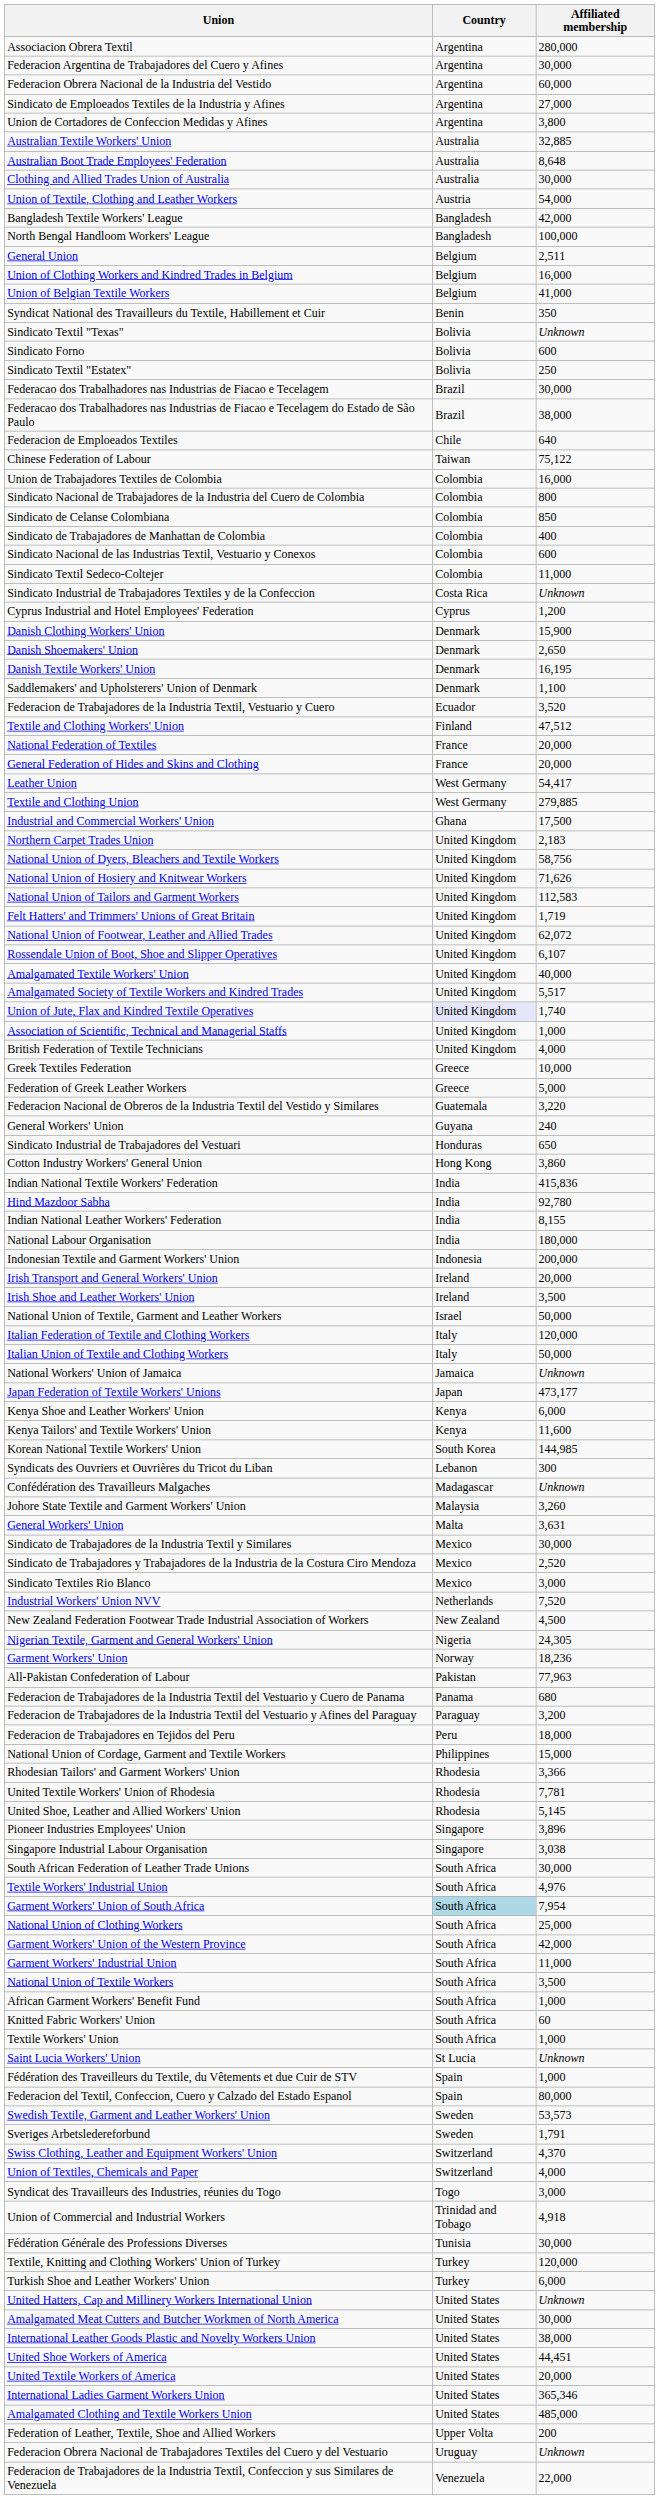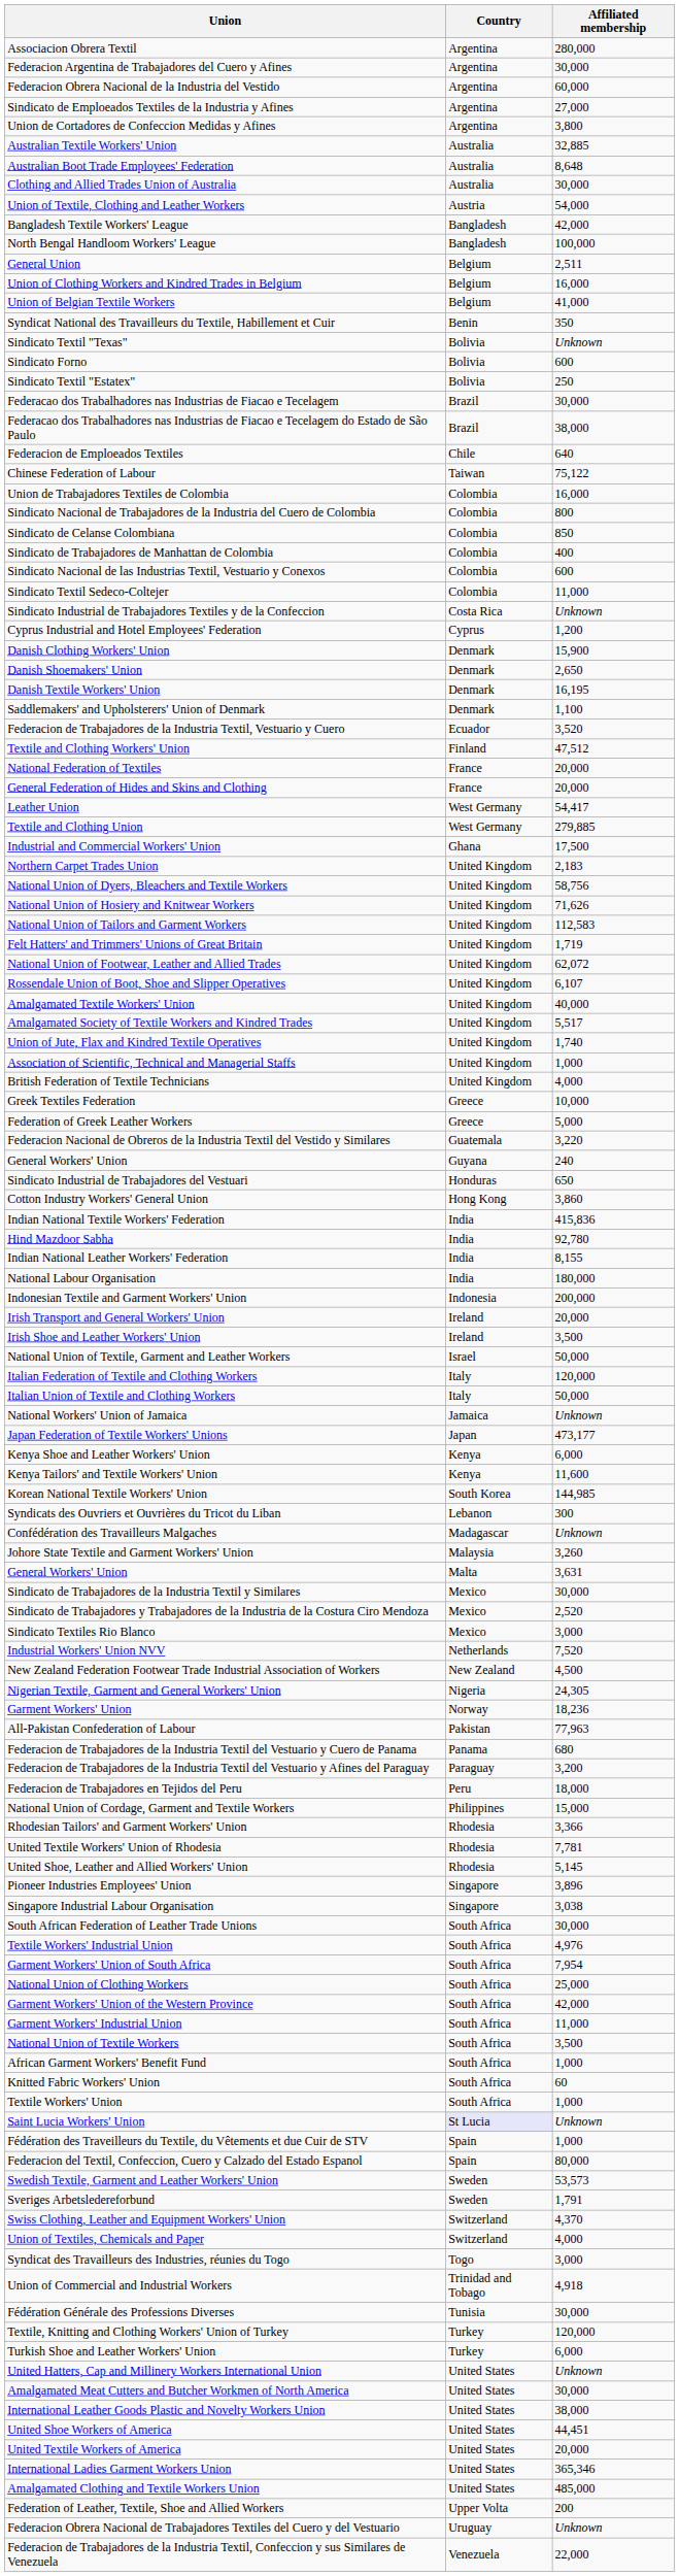 <table class="wikitable sortable">
 <tr>
 <th>Union</th>
 <th>Country</th>
 <th>Affiliated membership</th>
 </tr>
 <tr>
 <td>Associacion Obrera Textil</td>
 <td>Argentina</td>
 <td>280,000</td>
 </tr>
 <tr>
 <td>Federacion Argentina de Trabajadores del Cuero y Afines</td>
 <td>Argentina</td>
 <td>30,000</td>
 </tr>
 <tr>
 <td>Federacion Obrera Nacional de la Industria del Vestido</td>
 <td>Argentina</td>
 <td>60,000</td>
 </tr>
 <tr>
 <td>Sindicato de Emploeados Textiles de la Industria y Afines</td>
 <td>Argentina</td>
 <td>27,000</td>
 </tr>
 <tr>
 <td>Union de Cortadores de Confeccion Medidas y Afines</td>
 <td>Argentina</td>
 <td>3,800</td>
 </tr>
 <tr>
 <td><a href='#'>Australian Textile Workers' Union</a></td>
 <td>Australia</td>
 <td>32,885</td>
 </tr>
 <tr>
 <td><a href='#'>Australian Boot Trade Employees' Federation</a></td>
 <td>Australia</td>
 <td>8,648</td>
 </tr>
 <tr>
 <td><a href='#'>Clothing and Allied Trades Union of Australia</a></td>
 <td>Australia</td>
 <td>30,000</td>
 </tr>
 <tr>
 <td><a href='#'>Union of Textile, Clothing and Leather Workers</a></td>
 <td>Austria</td>
 <td>54,000</td>
 </tr>
 <tr>
 <td>Bangladesh Textile Workers' League</td>
 <td>Bangladesh</td>
 <td>42,000</td>
 </tr>
 <tr>
 <td>North Bengal Handloom Workers' League</td>
 <td>Bangladesh</td>
 <td>100,000</td>
 </tr>
 <tr>
 <td><a href='#'>General Union</a></td>
 <td>Belgium</td>
 <td>2,511</td>
 </tr>
 <tr>
 <td><a href='#'>Union of Clothing Workers and Kindred Trades in Belgium</a></td>
 <td>Belgium</td>
 <td>16,000</td>
 </tr>
 <tr>
 <td><a href='#'>Union of Belgian Textile Workers</a></td>
 <td>Belgium</td>
 <td>41,000</td>
 </tr>
 <tr>
 <td>Syndicat National des Travailleurs du Textile, Habillement et Cuir</td>
 <td>Benin</td>
 <td>350</td>
 </tr>
 <tr>
 <td>Sindicato Textil "Texas"</td>
 <td>Bolivia</td>
 <td><em>Unknown</em></td>
 </tr>
 <tr>
 <td>Sindicato Forno</td>
 <td>Bolivia</td>
 <td>600</td>
 </tr>
 <tr>
 <td>Sindicato Textil "Estatex"</td>
 <td>Bolivia</td>
 <td>250</td>
 </tr>
 <tr>
 <td>Federacao dos Trabalhadores nas Industrias de Fiacao e Tecelagem</td>
 <td>Brazil</td>
 <td>30,000</td>
 </tr>
 <tr>
 <td>Federacao dos Trabalhadores nas Industrias de Fiacao e Tecelagem do Estado de São Paulo</td>
 <td>Brazil</td>
 <td>38,000</td>
 </tr>
 <tr>
 <td>Federacion de Emploeados Textiles</td>
 <td>Chile</td>
 <td>640</td>
 </tr>
 <tr>
 <td>Chinese Federation of Labour</td>
 <td>Taiwan</td>
 <td>75,122</td>
 </tr>
 <tr>
 <td>Union de Trabajadores Textiles de Colombia</td>
 <td>Colombia</td>
 <td>16,000</td>
 </tr>
 <tr>
 <td>Sindicato Nacional de Trabajadores de la Industria del Cuero de Colombia</td>
 <td>Colombia</td>
 <td>800</td>
 </tr>
 <tr>
 <td>Sindicato de Celanse Colombiana</td>
 <td>Colombia</td>
 <td>850</td>
 </tr>
 <tr>
 <td>Sindicato de Trabajadores de Manhattan de Colombia</td>
 <td>Colombia</td>
 <td>400</td>
 </tr>
 <tr>
 <td>Sindicato Nacional de las Industrias Textil, Vestuario y Conexos</td>
 <td>Colombia</td>
 <td>600</td>
 </tr>
 <tr>
 <td>Sindicato Textil Sedeco-Coltejer</td>
 <td>Colombia</td>
 <td>11,000</td>
 </tr>
 <tr>
 <td>Sindicato Industrial de Trabajadores Textiles y de la Confeccion</td>
 <td>Costa Rica</td>
 <td><em>Unknown</em></td>
 </tr>
 <tr>
 <td>Cyprus Industrial and Hotel Employees' Federation</td>
 <td>Cyprus</td>
 <td>1,200</td>
 </tr>
 <tr>
 <td><a href='#'>Danish Clothing Workers' Union</a></td>
 <td>Denmark</td>
 <td>15,900</td>
 </tr>
 <tr>
 <td><a href='#'>Danish Shoemakers' Union</a></td>
 <td>Denmark</td>
 <td>2,650</td>
 </tr>
 <tr>
 <td><a href='#'>Danish Textile Workers' Union</a></td>
 <td>Denmark</td>
 <td>16,195</td>
 </tr>
 <tr>
 <td>Saddlemakers' and Upholsterers' Union of Denmark</td>
 <td>Denmark</td>
 <td>1,100</td>
 </tr>
 <tr>
 <td>Federacion de Trabajadores de la Industria Textil, Vestuario y Cuero</td>
 <td>Ecuador</td>
 <td>3,520</td>
 </tr>
 <tr>
 <td><a href='#'>Textile and Clothing Workers' Union</a></td>
 <td>Finland</td>
 <td>47,512</td>
 </tr>
 <tr>
 <td><a href='#'>National Federation of Textiles</a></td>
 <td>France</td>
 <td>20,000</td>
 </tr>
 <tr>
 <td><a href='#'>General Federation of Hides and Skins and Clothing</a></td>
 <td>France</td>
 <td>20,000</td>
 </tr>
 <tr>
 <td><a href='#'>Leather Union</a></td>
 <td>West Germany</td>
 <td>54,417</td>
 </tr>
 <tr>
 <td><a href='#'>Textile and Clothing Union</a></td>
 <td>West Germany</td>
 <td>279,885</td>
 </tr>
 <tr>
 <td><a href='#'>Industrial and Commercial Workers' Union</a></td>
 <td>Ghana</td>
 <td>17,500</td>
 </tr>
 <tr>
 <td><a href='#'>Northern Carpet Trades Union</a></td>
 <td>United Kingdom</td>
 <td>2,183</td>
 </tr>
 <tr>
 <td><a href='#'>National Union of Dyers, Bleachers and Textile Workers</a></td>
 <td>United Kingdom</td>
 <td>58,756</td>
 </tr>
 <tr>
 <td><a href='#'>National Union of Hosiery and Knitwear Workers</a></td>
 <td>United Kingdom</td>
 <td>71,626</td>
 </tr>
 <tr>
 <td><a href='#'>National Union of Tailors and Garment Workers</a></td>
 <td>United Kingdom</td>
 <td>112,583</td>
 </tr>
 <tr>
 <td><a href='#'>Felt Hatters' and Trimmers' Unions of Great Britain</a></td>
 <td>United Kingdom</td>
 <td>1,719</td>
 </tr>
 <tr>
 <td><a href='#'>National Union of Footwear, Leather and Allied Trades</a></td>
 <td>United Kingdom</td>
 <td>62,072</td>
 </tr>
 <tr>
 <td><a href='#'>Rossendale Union of Boot, Shoe and Slipper Operatives</a></td>
 <td>United Kingdom</td>
 <td>6,107</td>
 </tr>
 <tr>
 <td><a href='#'>Amalgamated Textile Workers' Union</a></td>
 <td>United Kingdom</td>
 <td>40,000</td>
 </tr>
 <tr>
 <td><a href='#'>Amalgamated Society of Textile Workers and Kindred Trades</a></td>
 <td>United Kingdom</td>
 <td>5,517</td>
 </tr>
 <tr>
 <td><a href='#'>Union of Jute, Flax and Kindred Textile Operatives</a></td>
-<td style="background: lavender;">United Kingdom</td>
+<td>United Kingdom</td>
 <td>1,740</td>
 </tr>
 <tr>
 <td><a href='#'>Association of Scientific, Technical and Managerial Staffs</a></td>
 <td>United Kingdom</td>
 <td>1,000</td>
 </tr>
 <tr>
 <td>British Federation of Textile Technicians</td>
 <td>United Kingdom</td>
 <td>4,000</td>
 </tr>
 <tr>
 <td>Greek Textiles Federation</td>
 <td>Greece</td>
 <td>10,000</td>
 </tr>
 <tr>
 <td>Federation of Greek Leather Workers</td>
 <td>Greece</td>
 <td>5,000</td>
 </tr>
 <tr>
 <td>Federacion Nacional de Obreros de la Industria Textil del Vestido y Similares</td>
 <td>Guatemala</td>
 <td>3,220</td>
 </tr>
 <tr>
 <td>General Workers' Union</td>
 <td>Guyana</td>
 <td>240</td>
 </tr>
 <tr>
 <td>Sindicato Industrial de Trabajadores del Vestuari</td>
 <td>Honduras</td>
 <td>650</td>
 </tr>
 <tr>
 <td>Cotton Industry Workers' General Union</td>
 <td>Hong Kong</td>
 <td>3,860</td>
 </tr>
 <tr>
 <td>Indian National Textile Workers' Federation</td>
 <td>India</td>
 <td>415,836</td>
 </tr>
 <tr>
 <td><a href='#'>Hind Mazdoor Sabha</a></td>
 <td>India</td>
 <td>92,780</td>
 </tr>
 <tr>
 <td>Indian National Leather Workers' Federation</td>
 <td>India</td>
 <td>8,155</td>
 </tr>
 <tr>
 <td>National Labour Organisation</td>
 <td>India</td>
 <td>180,000</td>
 </tr>
 <tr>
 <td>Indonesian Textile and Garment Workers' Union</td>
 <td>Indonesia</td>
 <td>200,000</td>
 </tr>
 <tr>
 <td><a href='#'>Irish Transport and General Workers' Union</a></td>
 <td>Ireland</td>
 <td>20,000</td>
 </tr>
 <tr>
 <td><a href='#'>Irish Shoe and Leather Workers' Union</a></td>
 <td>Ireland</td>
 <td>3,500</td>
 </tr>
 <tr>
 <td>National Union of Textile, Garment and Leather Workers</td>
 <td>Israel</td>
 <td>50,000</td>
 </tr>
 <tr>
 <td><a href='#'>Italian Federation of Textile and Clothing Workers</a></td>
 <td>Italy</td>
 <td>120,000</td>
 </tr>
 <tr>
 <td><a href='#'>Italian Union of Textile and Clothing Workers</a></td>
 <td>Italy</td>
 <td>50,000</td>
 </tr>
 <tr>
 <td>National Workers' Union of Jamaica</td>
 <td>Jamaica</td>
 <td><em>Unknown</em></td>
 </tr>
 <tr>
 <td><a href='#'>Japan Federation of Textile Workers' Unions</a></td>
 <td>Japan</td>
 <td>473,177</td>
 </tr>
 <tr>
 <td>Kenya Shoe and Leather Workers' Union</td>
 <td>Kenya</td>
 <td>6,000</td>
 </tr>
 <tr>
 <td>Kenya Tailors' and Textile Workers' Union</td>
 <td>Kenya</td>
 <td>11,600</td>
 </tr>
 <tr>
 <td>Korean National Textile Workers' Union</td>
 <td>South Korea</td>
 <td>144,985</td>
 </tr>
 <tr>
 <td>Syndicats des Ouvriers et Ouvrières du Tricot du Liban</td>
 <td>Lebanon</td>
 <td>300</td>
 </tr>
 <tr>
 <td>Confédération des Travailleurs Malgaches</td>
 <td>Madagascar</td>
 <td><em>Unknown</em></td>
 </tr>
 <tr>
 <td>Johore State Textile and Garment Workers' Union</td>
 <td>Malaysia</td>
 <td>3,260</td>
 </tr>
 <tr>
 <td><a href='#'>General Workers' Union</a></td>
 <td>Malta</td>
 <td>3,631</td>
 </tr>
 <tr>
 <td>Sindicato de Trabajadores de la Industria Textil y Similares</td>
 <td>Mexico</td>
 <td>30,000</td>
 </tr>
 <tr>
 <td>Sindicato de Trabajadores y Trabajadores de la Industria de la Costura Ciro Mendoza</td>
 <td>Mexico</td>
 <td>2,520</td>
 </tr>
 <tr>
 <td>Sindicato Textiles Rio Blanco</td>
 <td>Mexico</td>
 <td>3,000</td>
 </tr>
 <tr>
 <td><a href='#'>Industrial Workers' Union NVV</a></td>
 <td>Netherlands</td>
 <td>7,520</td>
 </tr>
 <tr>
 <td>New Zealand Federation Footwear Trade Industrial Association of Workers</td>
 <td>New Zealand</td>
 <td>4,500</td>
 </tr>
 <tr>
 <td><a href='#'>Nigerian Textile, Garment and General Workers' Union</a></td>
 <td>Nigeria</td>
 <td>24,305</td>
 </tr>
 <tr>
 <td><a href='#'>Garment Workers' Union</a></td>
 <td>Norway</td>
 <td>18,236</td>
 </tr>
 <tr>
 <td>All-Pakistan Confederation of Labour</td>
 <td>Pakistan</td>
 <td>77,963</td>
 </tr>
 <tr>
 <td>Federacion de Trabajadores de la Industria Textil del Vestuario y Cuero de Panama</td>
 <td>Panama</td>
 <td>680</td>
 </tr>
 <tr>
 <td>Federacion de Trabajadores de la Industria Textil del Vestuario y Afines del Paraguay</td>
 <td>Paraguay</td>
 <td>3,200</td>
 </tr>
 <tr>
 <td>Federacion de Trabajadores en Tejidos del Peru</td>
 <td>Peru</td>
 <td>18,000</td>
 </tr>
 <tr>
 <td>National Union of Cordage, Garment and Textile Workers</td>
 <td>Philippines</td>
 <td>15,000</td>
 </tr>
 <tr>
 <td>Rhodesian Tailors' and Garment Workers' Union</td>
 <td>Rhodesia</td>
 <td>3,366</td>
 </tr>
 <tr>
 <td>United Textile Workers' Union of Rhodesia</td>
 <td>Rhodesia</td>
 <td>7,781</td>
 </tr>
 <tr>
 <td>United Shoe, Leather and Allied Workers' Union</td>
 <td>Rhodesia</td>
 <td>5,145</td>
 </tr>
 <tr>
 <td>Pioneer Industries Employees' Union</td>
 <td>Singapore</td>
 <td>3,896</td>
 </tr>
 <tr>
 <td>Singapore Industrial Labour Organisation</td>
 <td>Singapore</td>
 <td>3,038</td>
 </tr>
 <tr>
 <td>South African Federation of Leather Trade Unions</td>
 <td>South Africa</td>
 <td>30,000</td>
 </tr>
 <tr>
 <td><a href='#'>Textile Workers' Industrial Union</a></td>
 <td>South Africa</td>
 <td>4,976</td>
 </tr>
 <tr>
 <td><a href='#'>Garment Workers' Union of South Africa</a></td>
-<td style="background: lightblue;">South Africa</td>
+<td>South Africa</td>
 <td>7,954</td>
 </tr>
 <tr>
 <td><a href='#'>National Union of Clothing Workers</a></td>
 <td>South Africa</td>
 <td>25,000</td>
 </tr>
 <tr>
 <td><a href='#'>Garment Workers' Union of the Western Province</a></td>
 <td>South Africa</td>
 <td>42,000</td>
 </tr>
 <tr>
 <td><a href='#'>Garment Workers' Industrial Union</a></td>
 <td>South Africa</td>
 <td>11,000</td>
 </tr>
 <tr>
 <td><a href='#'>National Union of Textile Workers</a></td>
 <td>South Africa</td>
 <td>3,500</td>
 </tr>
 <tr>
 <td>African Garment Workers' Benefit Fund</td>
 <td>South Africa</td>
 <td>1,000</td>
 </tr>
 <tr>
 <td>Knitted Fabric Workers' Union</td>
 <td>South Africa</td>
 <td>60</td>
 </tr>
 <tr>
 <td>Textile Workers' Union</td>
 <td>South Africa</td>
 <td>1,000</td>
 </tr>
 <tr>
 <td><a href='#'>Saint Lucia Workers' Union</a></td>
-<td>St Lucia</td>
+<td style="background: lavender;">St Lucia</td>
 <td><em>Unknown</em></td>
 </tr>
 <tr>
 <td>Fédération des Traveilleurs du Textile, du Vêtements et due Cuir de STV</td>
 <td>Spain</td>
 <td>1,000</td>
 </tr>
 <tr>
 <td>Federacion del Textil, Confeccion, Cuero y Calzado del Estado Espanol</td>
 <td>Spain</td>
 <td>80,000</td>
 </tr>
 <tr>
 <td><a href='#'>Swedish Textile, Garment and Leather Workers' Union</a></td>
 <td>Sweden</td>
 <td>53,573</td>
 </tr>
 <tr>
 <td>Sveriges Arbetsledereforbund</td>
 <td>Sweden</td>
 <td>1,791</td>
 </tr>
 <tr>
 <td><a href='#'>Swiss Clothing, Leather and Equipment Workers' Union</a></td>
 <td>Switzerland</td>
 <td>4,370</td>
 </tr>
 <tr>
 <td><a href='#'>Union of Textiles, Chemicals and Paper</a></td>
 <td>Switzerland</td>
 <td>4,000</td>
 </tr>
 <tr>
 <td>Syndicat des Travailleurs des Industries, réunies du Togo</td>
 <td>Togo</td>
 <td>3,000</td>
 </tr>
 <tr>
 <td>Union of Commercial and Industrial Workers</td>
 <td>Trinidad and Tobago</td>
 <td>4,918</td>
 </tr>
 <tr>
 <td>Fédération Générale des Professions Diverses</td>
 <td>Tunisia</td>
 <td>30,000</td>
 </tr>
 <tr>
 <td>Textile, Knitting and Clothing Workers' Union of Turkey</td>
 <td>Turkey</td>
 <td>120,000</td>
 </tr>
 <tr>
 <td>Turkish Shoe and Leather Workers' Union</td>
 <td>Turkey</td>
 <td>6,000</td>
 </tr>
 <tr>
 <td><a href='#'>United Hatters, Cap and Millinery Workers International Union</a></td>
 <td>United States</td>
 <td><em>Unknown</em></td>
 </tr>
 <tr>
 <td><a href='#'>Amalgamated Meat Cutters and Butcher Workmen of North America</a></td>
 <td>United States</td>
 <td>30,000</td>
 </tr>
 <tr>
 <td><a href='#'>International Leather Goods Plastic and Novelty Workers Union</a></td>
 <td>United States</td>
 <td>38,000</td>
 </tr>
 <tr>
 <td><a href='#'>United Shoe Workers of America</a></td>
 <td>United States</td>
 <td>44,451</td>
 </tr>
 <tr>
 <td><a href='#'>United Textile Workers of America</a></td>
 <td>United States</td>
 <td>20,000</td>
 </tr>
 <tr>
 <td><a href='#'>International Ladies Garment Workers Union</a></td>
 <td>United States</td>
 <td>365,346</td>
 </tr>
 <tr>
 <td><a href='#'>Amalgamated Clothing and Textile Workers Union</a></td>
 <td>United States</td>
 <td>485,000</td>
 </tr>
 <tr>
 <td>Federation of Leather, Textile, Shoe and Allied Workers</td>
 <td>Upper Volta</td>
 <td>200</td>
 </tr>
 <tr>
 <td>Federacion Obrera Nacional de Trabajadores Textiles del Cuero y del Vestuario</td>
 <td>Uruguay</td>
 <td><em>Unknown</em></td>
 </tr>
 <tr>
 <td>Federacion de Trabajadores de la Industria Textil, Confeccion y sus Similares de Venezuela</td>
 <td>Venezuela</td>
 <td>22,000</td>
 </tr>
 </table>
